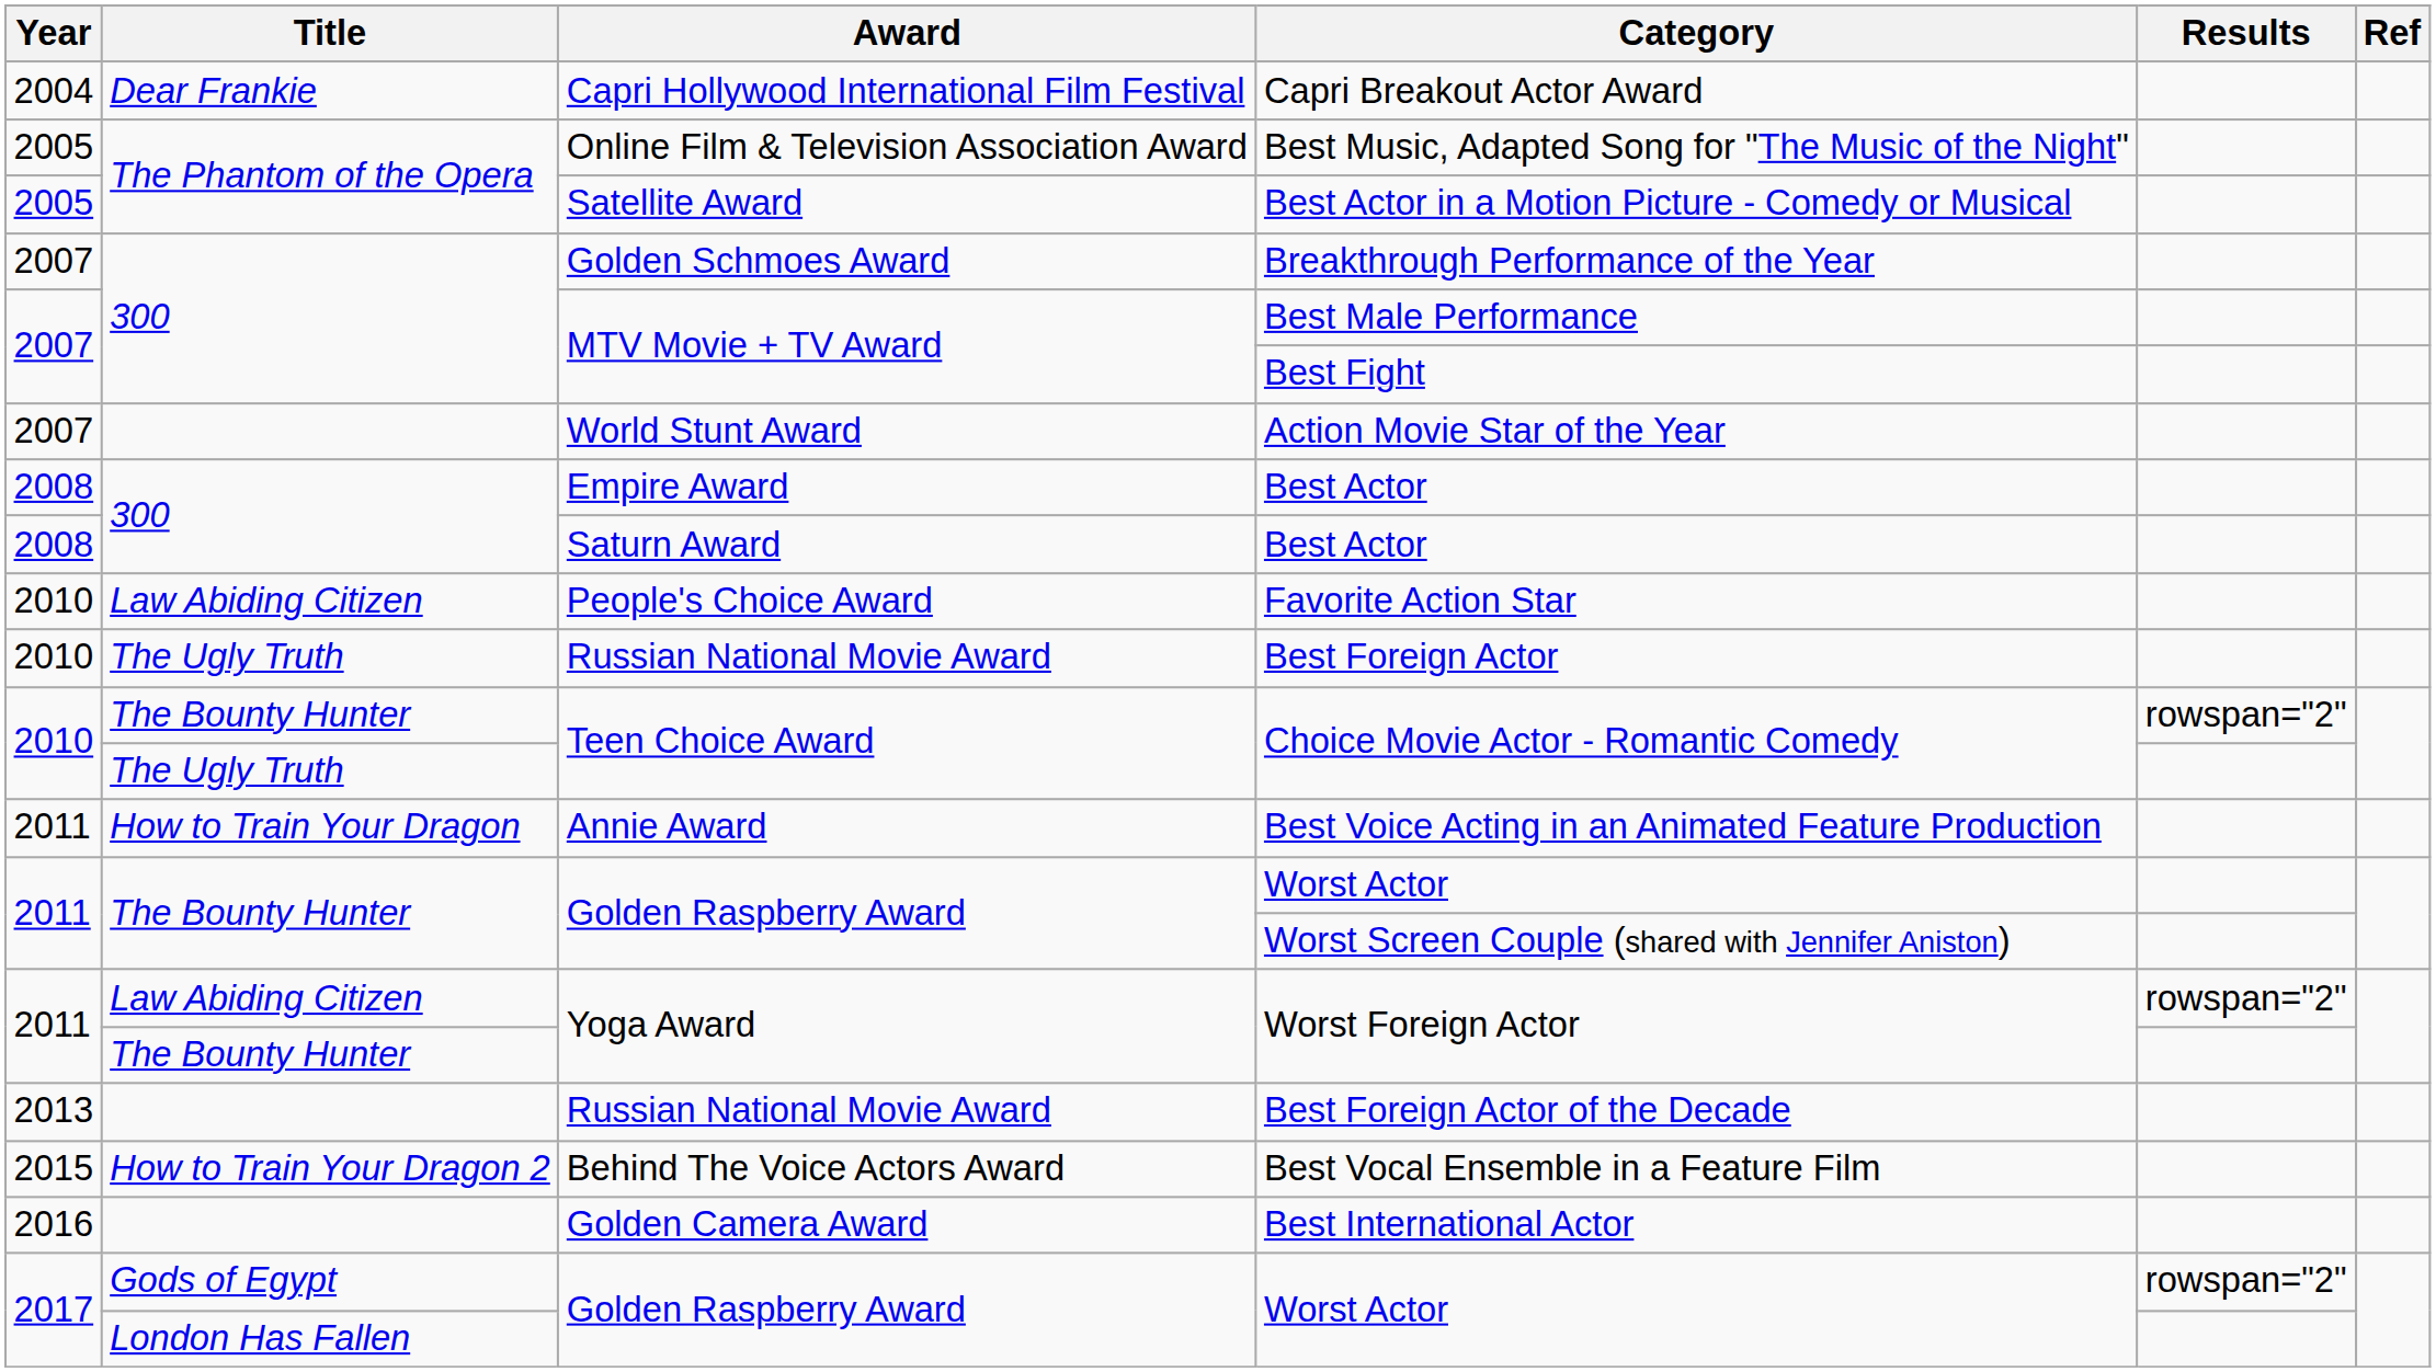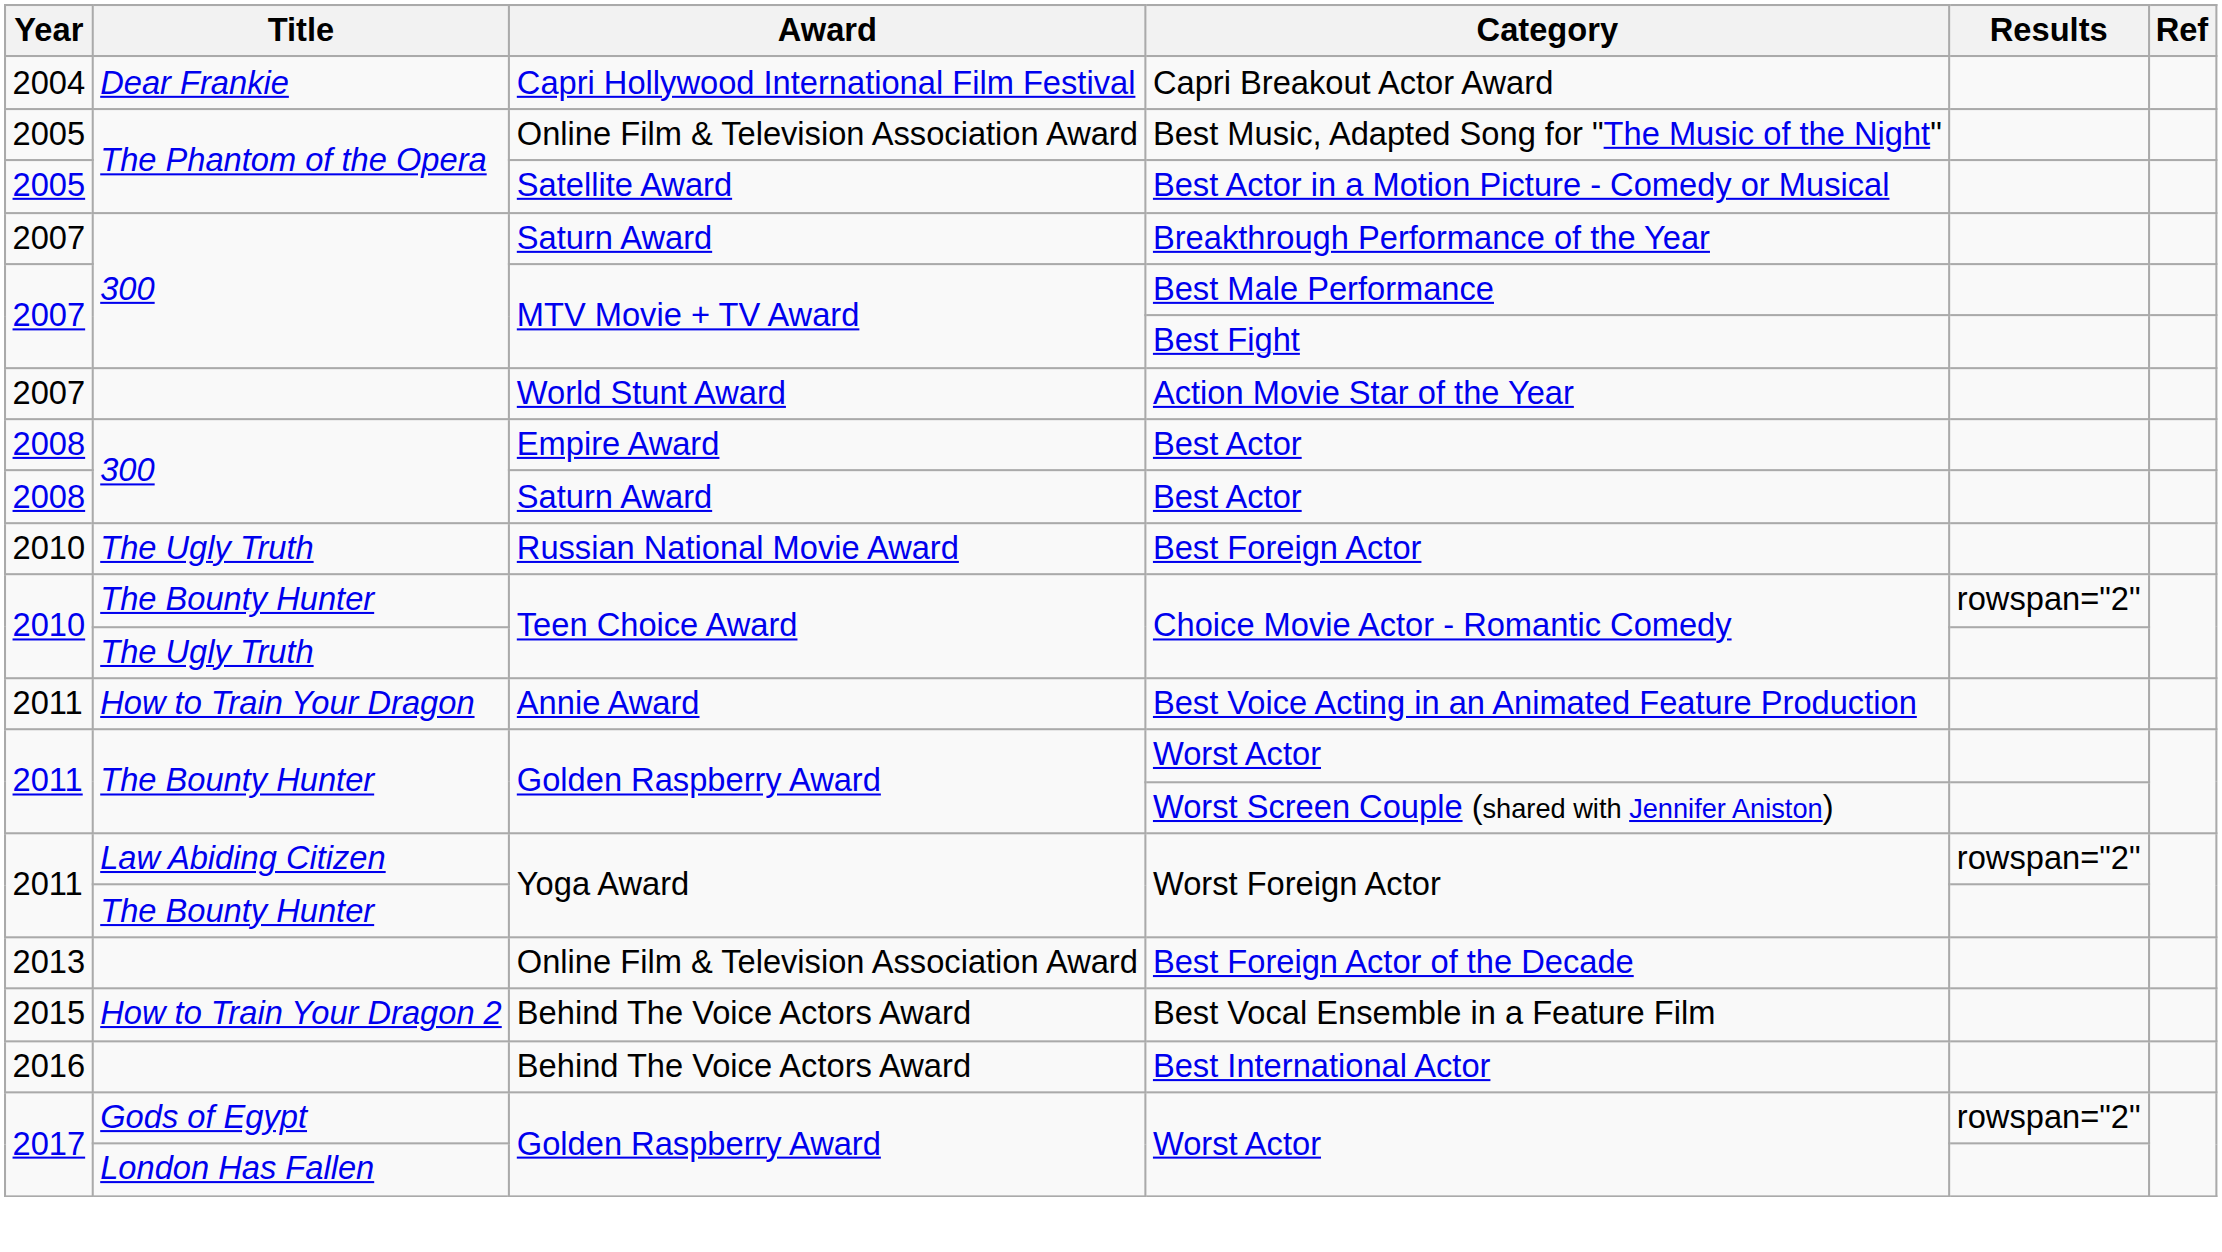 <table class="wikitable">
 <tr>
 <th>Year</th>
 <th>Title</th>
 <th>Award</th>
 <th>Category</th>
 <th>Results</th>
 <th>Ref</th>
 </tr>
 <tr>
 <td>2004</td>
 <td><em><a href='#'>Dear Frankie</a></em></td>
 <td><a href='#'>Capri Hollywood International Film Festival</a></td>
 <td>Capri Breakout Actor Award</td>
 <td></td>
 <td></td>
 </tr>
 <tr>
 <td>2005</td>
 <td rowspan="2"><em><a href='#'>The Phantom of the Opera</a></em></td>
 <td>Online Film & Television Association Award</td>
 <td>Best Music, Adapted Song for "<a href='#'>The Music of the Night</a>"</td>
 <td></td>
 <td></td>
 </tr>
 <tr>
 <td><a href='#'>2005</a></td>
 <td><a href='#'>Satellite Award</a></td>
 <td><a href='#'>Best Actor in a Motion Picture - Comedy or Musical</a></td>
 <td></td>
 <td></td>
 </tr>
 <tr>
 <td>2007</td>
 <td rowspan="3"><em><a href='#'>300</a></em></td>
-<td><a href='#'>Golden Schmoes Award</a></td>
+<td><a href='#'>Saturn Award</a></td>
 <td><a href='#'>Breakthrough Performance of the Year</a></td>
 <td></td>
 <td></td>
 </tr>
 <tr>
 <td rowspan="2"><a href='#'>2007</a></td>
 <td rowspan="2"><a href='#'>MTV Movie + TV Award</a></td>
 <td><a href='#'>Best Male Performance</a></td>
 <td></td>
 <td></td>
 </tr>
 <tr>
 <td><a href='#'>Best Fight</a></td>
 <td></td>
 <td></td>
 </tr>
 <tr>
 <td>2007</td>
 <td></td>
 <td><a href='#'>World Stunt Award</a></td>
 <td><a href='#'>Action Movie Star of the Year</a></td>
 <td></td>
 <td></td>
 </tr>
 <tr>
 <td><a href='#'>2008</a></td>
 <td rowspan="2"><em><a href='#'>300</a></em></td>
 <td><a href='#'>Empire Award</a></td>
 <td><a href='#'>Best Actor</a></td>
 <td></td>
 <td></td>
 </tr>
 <tr>
 <td><a href='#'>2008</a></td>
 <td><a href='#'>Saturn Award</a></td>
 <td><a href='#'>Best Actor</a></td>
-<td></td>
-<td></td>
-</tr>
-<tr>
-<td>2010</td>
-<td><em><a href='#'>Law Abiding Citizen</a></em></td>
-<td><a href='#'>People's Choice Award</a></td>
-<td><a href='#'>Favorite Action Star</a></td>
 <td></td>
 <td></td>
 </tr>
 <tr>
 <td>2010</td>
 <td><em><a href='#'>The Ugly Truth</a></em></td>
 <td><a href='#'>Russian National Movie Award</a></td>
 <td><a href='#'>Best Foreign Actor</a></td>
 <td></td>
 <td></td>
 </tr>
 <tr>
 <td rowspan="2"><a href='#'>2010</a></td>
 <td><em><a href='#'>The Bounty Hunter</a></em></td>
 <td rowspan="2"><a href='#'>Teen Choice Award</a></td>
 <td rowspan="2"><a href='#'>Choice Movie Actor - Romantic Comedy</a></td>
 <td>rowspan="2" </td>
 <td rowspan="2"></td>
 </tr>
 <tr>
 <td><em><a href='#'>The Ugly Truth</a></em></td>
 </tr>
 <tr>
 <td>2011</td>
 <td><em><a href='#'>How to Train Your Dragon</a></em></td>
 <td><a href='#'>Annie Award</a></td>
 <td><a href='#'>Best Voice Acting in an Animated Feature Production</a></td>
 <td></td>
 <td></td>
 </tr>
 <tr>
 <td rowspan="2"><a href='#'>2011</a></td>
 <td rowspan="2"><em><a href='#'>The Bounty Hunter</a></em></td>
 <td rowspan="2"><a href='#'>Golden Raspberry Award</a></td>
 <td><a href='#'>Worst Actor</a></td>
 <td></td>
 <td rowspan="2"></td>
 </tr>
 <tr>
 <td><a href='#'>Worst Screen Couple</a> (<small>shared with <a href='#'>Jennifer Aniston</a></small>)</td>
 <td></td>
 </tr>
 <tr>
 <td rowspan="2">2011</td>
 <td><em><a href='#'>Law Abiding Citizen</a></em></td>
 <td rowspan="2">Yoga Award</td>
 <td rowspan="2">Worst Foreign Actor</td>
 <td>rowspan="2" </td>
 <td rowspan="2"></td>
 </tr>
 <tr>
 <td><em><a href='#'>The Bounty Hunter</a></em></td>
 </tr>
 <tr>
 <td>2013</td>
 <td></td>
-<td><a href='#'>Russian National Movie Award</a></td>
+<td>Online Film & Television Association Award</td>
 <td><a href='#'>Best Foreign Actor of the Decade</a></td>
 <td></td>
 <td></td>
 </tr>
 <tr>
 <td>2015</td>
 <td><em><a href='#'>How to Train Your Dragon 2</a></em></td>
 <td>Behind The Voice Actors Award</td>
 <td>Best Vocal Ensemble in a Feature Film</td>
 <td></td>
 <td></td>
 </tr>
 <tr>
 <td>2016</td>
 <td></td>
-<td><a href='#'>Golden Camera Award</a></td>
+<td>Behind The Voice Actors Award</td>
 <td><a href='#'>Best International Actor</a></td>
 <td></td>
 <td></td>
 </tr>
 <tr>
 <td rowspan="2"><a href='#'>2017</a></td>
 <td><em><a href='#'>Gods of Egypt</a></em></td>
 <td rowspan="2"><a href='#'>Golden Raspberry Award</a></td>
 <td rowspan="2"><a href='#'>Worst Actor</a></td>
 <td>rowspan="2" </td>
 <td rowspan="2"></td>
 </tr>
 <tr>
 <td><em><a href='#'>London Has Fallen</a></em></td>
 </tr>
 </table>
